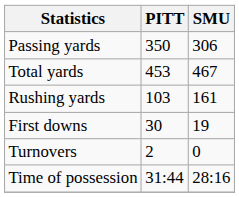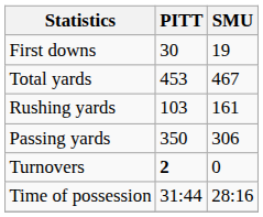 <table class="wikitable" style="float: left;">
 <tr>
 <th>Statistics</th>
 <th>PITT</th>
 <th>SMU</th>
 </tr>
 <tr>
-<td>Passing yards</td>
-<td>350</td>
-<td>306</td>
+<td>First downs</td>
+<td>30</td>
+<td>19</td>
 </tr>
 <tr>
 <td>Total yards</td>
 <td>453</td>
 <td>467</td>
 </tr>
 <tr>
 <td>Rushing yards</td>
 <td>103</td>
 <td>161</td>
 </tr>
 <tr>
-<td>First downs</td>
-<td>30</td>
-<td>19</td>
+<td>Passing yards</td>
+<td>350</td>
+<td>306</td>
 </tr>
 <tr>
 <td>Turnovers</td>
-<td>2</td>
+<td><strong>2</strong></td>
 <td>0</td>
 </tr>
 <tr>
 <td>Time of possession</td>
 <td>31:44</td>
 <td>28:16</td>
 </tr>
 <tr>
 </tr>
 </table>
